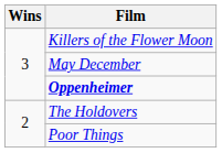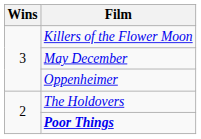 <table class="wikitable">
 <tr>
 <th>Wins</th>
 <th>Film</th>
 </tr>
 <tr>
 <td style="text-align:center;" rowspan="3">3</td>
 <td><em><a href='#'>Killers of the Flower Moon</a></em></td>
 </tr>
 <tr>
 <td><em><a href='#'>May December</a></em></td>
 </tr>
 <tr>
-<td><strong><em><a href='#'>Oppenheimer</a></em></strong></td>
+<td><em><a href='#'>Oppenheimer</a></em></td>
 </tr>
 <tr>
 <td style="text-align:center;" rowspan="2">2</td>
 <td><em><a href='#'>The Holdovers</a></em></td>
 </tr>
 <tr>
-<td><em><a href='#'>Poor Things</a></em></td>
+<td><strong><em><a href='#'>Poor Things</a></em></strong></td>
 </tr>
 </table>
